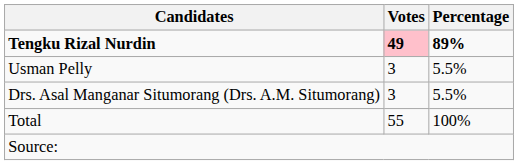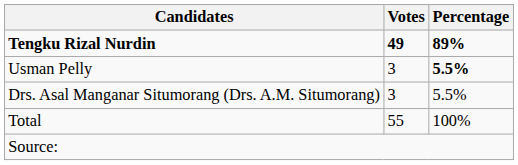 <table class="wikitable">
 <tr>
 <th>Candidates</th>
 <th>Votes</th>
 <th>Percentage</th>
 </tr>
 <tr>
 <td><strong>Tengku Rizal Nurdin</strong></td>
-<td style="background: pink;"><strong>49</strong></td>
+<td><strong>49</strong></td>
 <td><strong>89%</strong></td>
 </tr>
 <tr>
 <td>Usman Pelly</td>
 <td>3</td>
-<td>5.5%</td>
+<td><strong>5.5%</strong></td>
 </tr>
 <tr>
 <td>Drs. Asal Manganar Situmorang (Drs. A.M. Situmorang)</td>
 <td>3</td>
 <td>5.5%</td>
 </tr>
 <tr>
 <td>Total</td>
 <td>55</td>
 <td>100%</td>
 </tr>
 <tr>
 <td colspan="3">Source:</td>
 </tr>
 </table>
